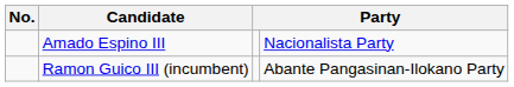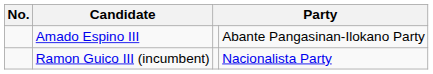 <table class="wikitable sortable" style="text-align:left;">
 <tr>
 <th>No.</th>
 <th>Candidate</th>
 <th colspan="2">Party</th>
 </tr>
 <tr>
 <td></td>
 <td><a href='#'>Amado Espino III</a></td>
 <td></td>
-<td><a href='#'>Nacionalista Party</a></td>
+<td>Abante Pangasinan-Ilokano Party</td>
 </tr>
 <tr>
 <td></td>
 <td><a href='#'>Ramon Guico III</a> (incumbent)</td>
 <td></td>
-<td>Abante Pangasinan-Ilokano Party</td>
+<td><a href='#'>Nacionalista Party</a></td>
 </tr>
 </table>
